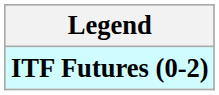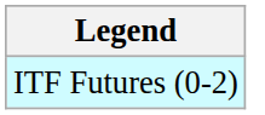 <table class=wikitable>
 <tr>
 <th>Legend</th>
 </tr>
 <tr bgcolor="CFFCFF">
-<td><strong>ITF Futures (0-2)</strong></td>
+<td>ITF Futures (0-2)</td>
 </tr>
 </table>
